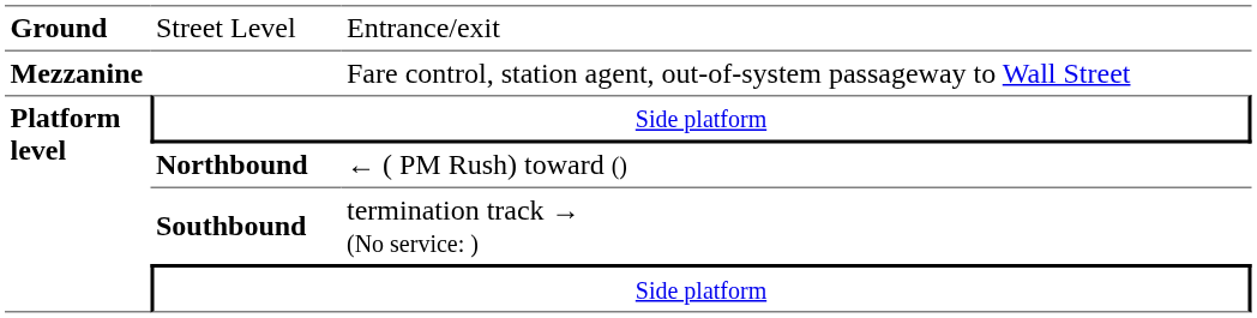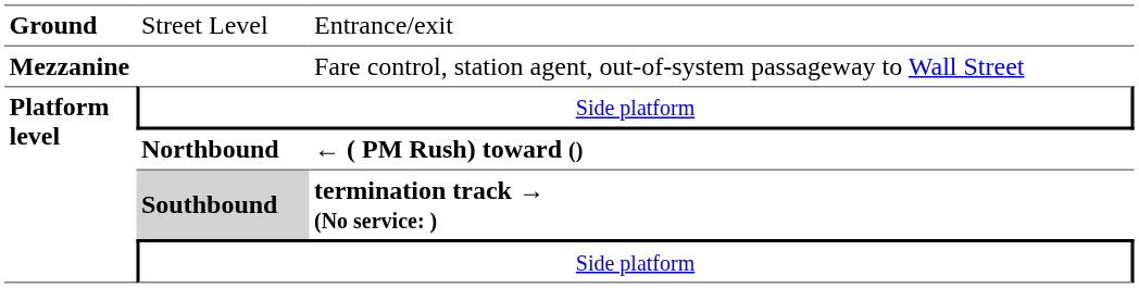 <table table border=0 cellspacing=0 cellpadding=3>
 <tr>
 <td style="border-top:solid 1px gray;border-bottom:solid 1px gray;" width=75><strong>Ground</strong></td>
 <td style="border-top:solid 1px gray;border-bottom:solid 1px gray;" width=100>Street Level</td>
 <td style="border-top:solid 1px gray;border-bottom:solid 1px gray;" width=500>Entrance/exit</td>
 </tr>
 <tr>
 <td colspan=2><strong>Mezzanine</strong></td>
 <td>Fare control, station agent, out-of-system passageway to <a href='#'>Wall Street</a></td>
 </tr>
 <tr>
 <td style="border-top:solid 1px gray;border-bottom:solid 1px gray;" rowspan=4 valign=top><strong>Platform level</strong></td>
 <td style="border-top:solid 1px gray;border-right:solid 2px black;border-left:solid 2px black;border-bottom:solid 2px black;text-align:center;" colspan=2><small><a href='#'>Side platform</a></small></td>
 </tr>
 <tr>
 <td style="border-bottom:solid 1px gray;"><span><strong>Northbound</strong></span></td>
-<td style="border-bottom:solid 1px gray;">←  ( PM Rush) toward  <small>()</small><br></td>
+<td style="border-bottom:solid 1px gray;"><strong>←  ( PM Rush) toward  <small>()</small><br></strong></td>
 </tr>
 <tr>
-<td><span><strong>Southbound</strong></span></td>
-<td>  termination track →<br> <small>(No service: )</small></td>
+<td style="background: lightgrey;"><span><strong>Southbound</strong></span></td>
+<td><strong>  termination track →<br> <small>(No service: )</small></strong></td>
 </tr>
 <tr>
 <td style="border-bottom:solid 1px gray;border-top:solid 2px black;border-right:solid 2px black;border-left:solid 2px black;text-align:center;" colspan=2><small><a href='#'>Side platform</a></small></td>
 </tr>
 </table>
